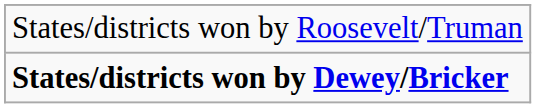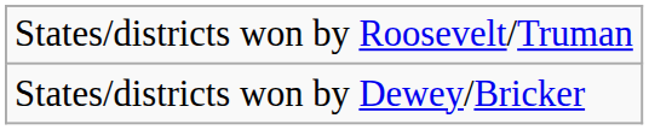 <table class="wikitable">
 <tr>
 <td>States/districts won by <a href='#'>Roosevelt</a>/<a href='#'>Truman</a></td>
 </tr>
 <tr>
-<td><strong>States/districts won by <a href='#'>Dewey</a>/<a href='#'>Bricker</a></strong></td>
+<td>States/districts won by <a href='#'>Dewey</a>/<a href='#'>Bricker</a></td>
 </tr>
 </table>
